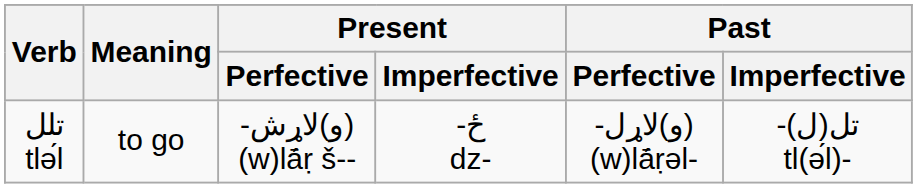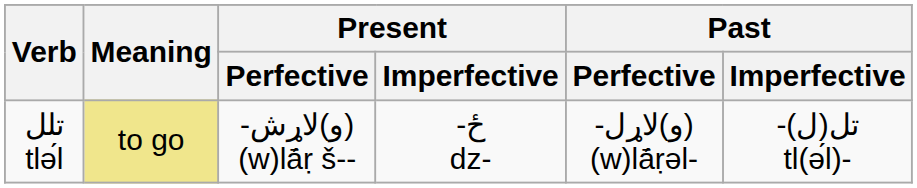 <table class="wikitable" style="text-align: center">
 <tr>
 <th rowspan="2">Verb</th>
 <th rowspan="2">Meaning</th>
 <th colspan="2">Present</th>
 <th colspan="2">Past</th>
 </tr>
 <tr>
 <th>Perfective</th>
 <th>Imperfective</th>
 <th>Perfective</th>
 <th>Imperfective</th>
 </tr>
 <tr>
 <td>تلل<br>tlә́l</td>
-<td>to go</td>
+<td style="background: khaki;">to go</td>
 <td>-و)لاړش) <br> (w)lā́ṛ š‑-</td>
 <td>-ځ<br>dz-</td>
 <td>-و)لاړل)<br>(w)lā́ṛəl‑</td>
 <td>-(تل(ل <br>tl(ә́l)-</td>
 </tr>
 </table>
